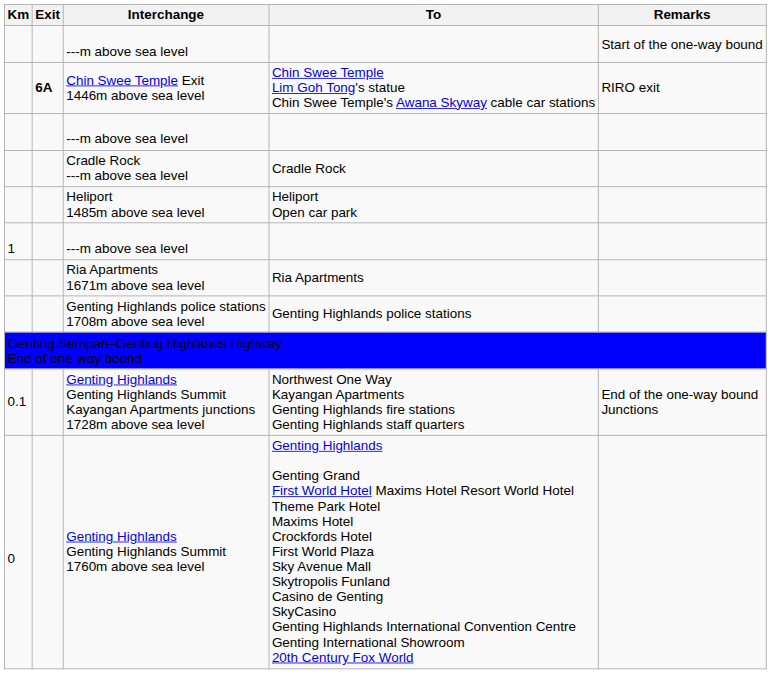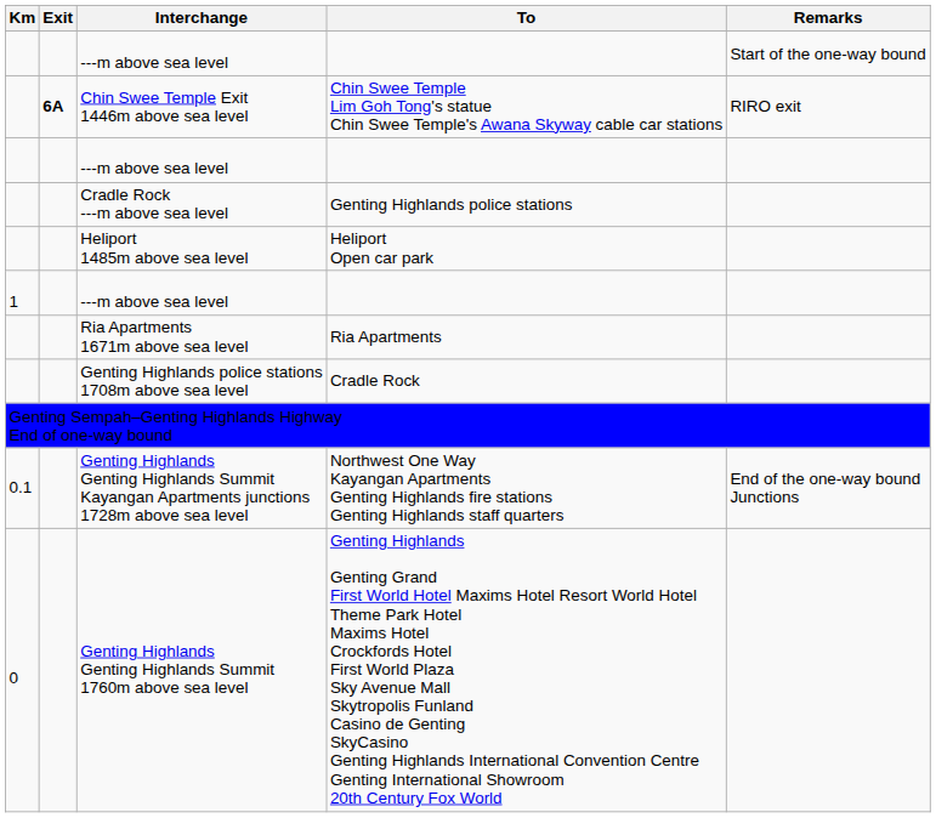 <table class="wikitable">
 <tr>
 <th>Km</th>
 <th>Exit</th>
 <th>Interchange</th>
 <th>To</th>
 <th>Remarks</th>
 </tr>
 <tr>
 <td></td>
 <td></td>
 <td><br>---m above sea level</td>
 <td></td>
 <td>Start of the one-way bound</td>
 </tr>
 <tr>
 <td></td>
 <td><strong>6A</strong></td>
 <td><a href='#'>Chin Swee Temple</a> Exit<br>1446m above sea level</td>
 <td><a href='#'>Chin Swee Temple</a><br><a href='#'>Lim Goh Tong</a>'s statue<br>Chin Swee Temple's <a href='#'>Awana Skyway</a> cable car stations<br> </td>
 <td>RIRO exit</td>
 </tr>
 <tr>
 <td></td>
 <td></td>
 <td><br>---m above sea level</td>
 <td></td>
 <td></td>
 </tr>
 <tr>
 <td></td>
 <td></td>
 <td>Cradle Rock<br>---m above sea level</td>
-<td>Cradle Rock<br></td>
+<td>Genting Highlands police stations</td>
 <td></td>
 </tr>
 <tr>
 <td></td>
 <td></td>
 <td>Heliport<br>1485m above sea level</td>
 <td>Heliport<br>Open car park</td>
 <td></td>
 </tr>
 <tr>
 <td><br>1</td>
 <td></td>
 <td><br>---m above sea level</td>
 <td></td>
 <td></td>
 </tr>
 <tr>
 <td></td>
 <td></td>
 <td>Ria Apartments<br>1671m above sea level</td>
 <td>Ria Apartments</td>
 <td></td>
 </tr>
 <tr>
 <td></td>
 <td></td>
 <td>Genting Highlands police stations<br>1708m above sea level</td>
-<td>Genting Highlands police stations</td>
+<td>Cradle Rock<br></td>
 <td></td>
 </tr>
 <tr>
 <td style="width:600px" colspan="6" style="text-align:center" bgcolor="blue"><span> Genting Sempah–Genting Highlands Highway<br>End of one-way bound</span></td>
 </tr>
 <tr>
 <td>0.1</td>
 <td></td>
 <td><a href='#'>Genting Highlands</a><br>Genting Highlands Summit<br>Kayangan Apartments junctions<br>1728m above sea level</td>
 <td>Northwest One Way<br>Kayangan Apartments<br>Genting Highlands fire stations<br>Genting Highlands staff quarters<br></td>
 <td>End of the one-way bound<br>Junctions</td>
 </tr>
 <tr>
 <td><br>0</td>
 <td></td>
 <td><a href='#'>Genting Highlands</a><br>Genting Highlands Summit<br>1760m above sea level</td>
 <td><a href='#'>Genting Highlands</a><br><br>Genting Grand<br><a href='#'>First World Hotel</a> Maxims Hotel Resort World Hotel<br>Theme Park Hotel<br>Maxims Hotel<br>Crockfords Hotel<br>First World Plaza<br>Sky Avenue Mall<br>Skytropolis Funland<br>Casino de Genting<br>SkyCasino<br>Genting Highlands International Convention Centre<br>Genting International Showroom<br><a href='#'>20th Century Fox World</a><br></td>
 <td></td>
 </tr>
 </table>
